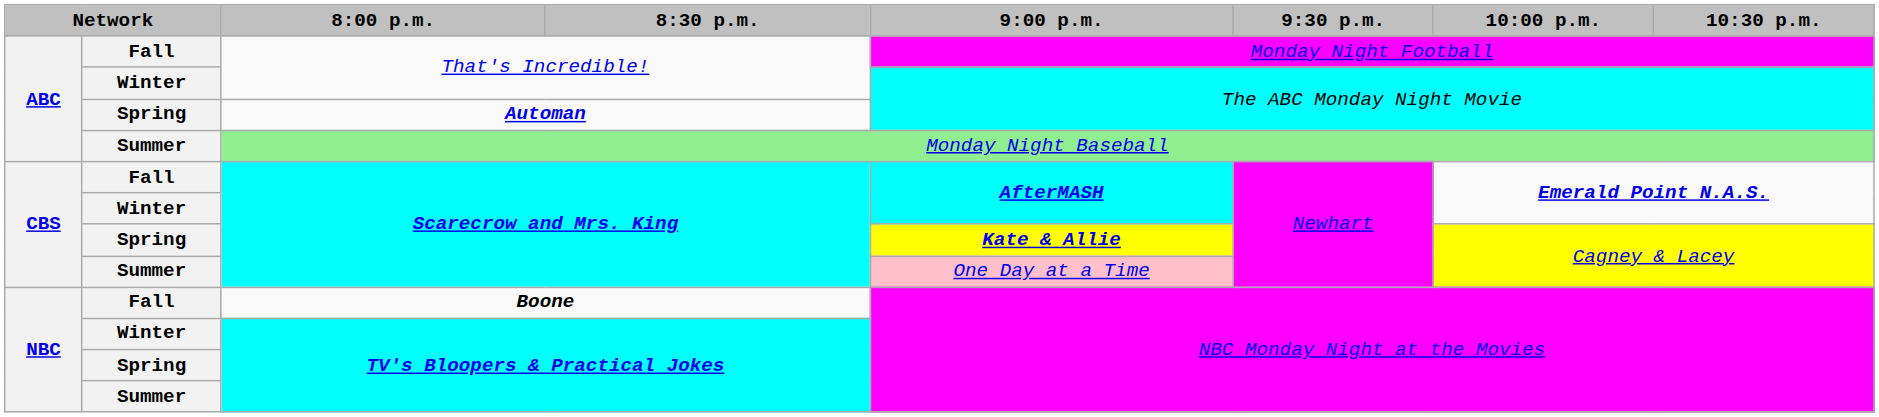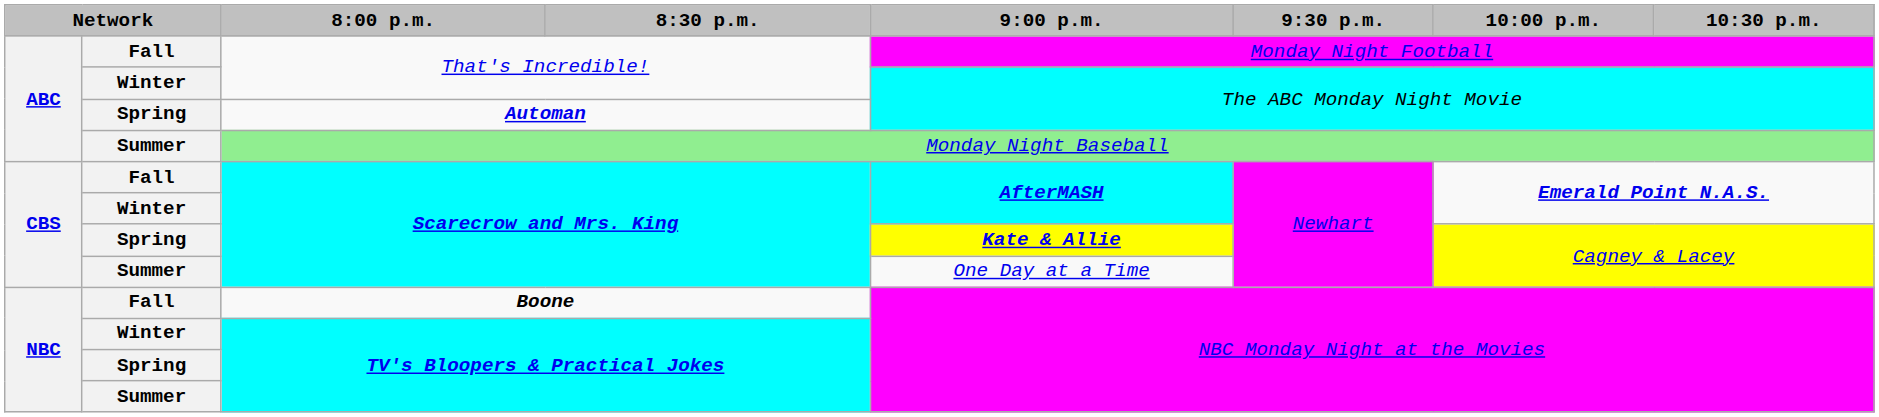 <table class="wikitable" style="width:100%;margin-right:0;text-align:center">
 <tr>
 <th colspan="2" style="background-color:#C0C0C0;text-align:center">Network</th>
 <th style="background-color:#C0C0C0;text-align:center">8:00 p.m.</th>
 <th style="background-color:#C0C0C0;text-align:center">8:30 p.m.</th>
 <th style="background-color:#C0C0C0;text-align:center">9:00 p.m.</th>
 <th style="background-color:#C0C0C0;text-align:center">9:30 p.m.</th>
 <th style="background-color:#C0C0C0;text-align:center">10:00 p.m.</th>
 <th style="background-color:#C0C0C0;text-align:center">10:30 p.m.</th>
 </tr>
 <tr>
 <th rowspan="4"><a href='#'>ABC</a></th>
 <th>Fall</th>
 <td colspan="2" rowspan="2"><em><a href='#'>That's Incredible!</a></em></td>
 <td colspan="4" style="background:#FF00FF;"><em><a href='#'>Monday Night Football</a></em> </td>
 </tr>
 <tr>
 <th>Winter</th>
 <td style="background:#00FFFF;" colspan="4" rowspan="2"><em>The ABC Monday Night Movie</em> </td>
 </tr>
 <tr>
 <th>Spring</th>
 <td colspan="2"><strong><em><a href='#'>Automan</a></em></strong></td>
 </tr>
 <tr>
 <th>Summer</th>
 <td style="background:lightgreen;" colspan="6"><em><a href='#'>Monday Night Baseball</a></em></td>
 </tr>
 <tr>
 <th rowspan="4"><a href='#'>CBS</a></th>
 <th>Fall</th>
 <td colspan="2" rowspan="4" style="background:#00FFFF;"><strong><em><a href='#'>Scarecrow and Mrs. King</a></em></strong> </td>
 <td rowspan="2" style="background:#00FFFF;"><strong><em><a href='#'>AfterMASH</a></em></strong> </td>
 <td rowspan="4" style="background:#FF00FF;"><em><a href='#'>Newhart</a></em> </td>
 <td colspan="2" rowspan="2"><strong><em><a href='#'>Emerald Point N.A.S.</a></em></strong></td>
 </tr>
 <tr>
 <th>Winter</th>
 </tr>
 <tr>
 <th>Spring</th>
 <td style="background:#FFFF00;"><strong><em><a href='#'>Kate & Allie</a></em></strong> </td>
 <td colspan="2" rowspan="2" style="background:#FFFF00;"><em><a href='#'>Cagney & Lacey</a></em> </td>
 </tr>
 <tr>
 <th>Summer</th>
-<td style="background: pink;"><em><a href='#'>One Day at a Time</a></em></td>
+<td><em><a href='#'>One Day at a Time</a></em></td>
 </tr>
 <tr>
 <th rowspan="4"><a href='#'>NBC</a></th>
 <th>Fall</th>
 <td colspan="2"><strong><em>Boone</em></strong></td>
 <td colspan="4" rowspan="4" style="background:#FF00FF;"><em><a href='#'>NBC Monday Night at the Movies</a></em> </td>
 </tr>
 <tr>
 <th>Winter</th>
 <td colspan="2" rowspan="3" style="background:#00FFFF;"><strong><em><a href='#'>TV's Bloopers & Practical Jokes</a></em></strong> </td>
 </tr>
 <tr>
 <th>Spring</th>
 </tr>
 <tr>
 <th>Summer</th>
 </tr>
 </table>
